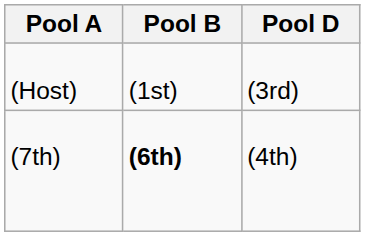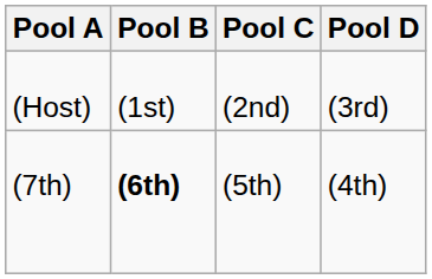 <table class="wikitable">
 <tr>
 <th width=25%>Pool A</th>
 <th width=25%>Pool B</th>
+<th width=25%>Pool C</th>
 <th width=25%>Pool D</th>
 </tr>
 <tr>
 <td><br><strong></strong> (Host)<br></td>
 <td><br><strong></strong> (1st)<br></td>
+<td><br><strong></strong> (2nd)<br></td>
 <td><br><strong></strong> (3rd)<br></td>
 </tr>
 <tr>
 <td valign=top><br> (7th)<br> <br> </td>
 <td><strong><br> (6th)<br> <br> <br> </strong></td>
+<td valign=top><br> (5th)<br> <br> <br> </td>
 <td><br> (4th)<br> <br> <br> </td>
 </tr>
 </table>
